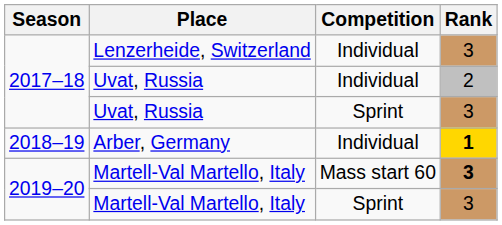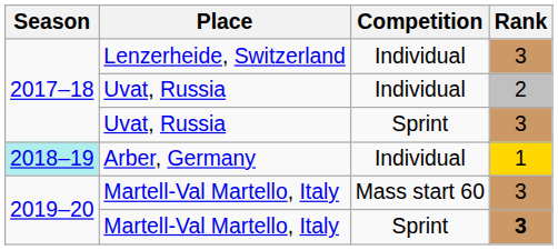 <table class="wikitable sortable" style="text-align: center;">
 <tr>
 <th>Season</th>
 <th>Place</th>
 <th>Competition</th>
 <th>Rank</th>
 </tr>
 <tr>
 <td rowspan="3"><a href='#'>2017–18</a></td>
 <td style="text-align: left;"> <a href='#'>Lenzerheide</a>, <a href='#'>Switzerland</a></td>
 <td>Individual</td>
 <td bgcolor="cc9966">3</td>
 </tr>
 <tr>
 <td style="text-align: left;"> <a href='#'>Uvat</a>, <a href='#'>Russia</a></td>
 <td>Individual</td>
 <td bgcolor=silver>2</td>
 </tr>
 <tr>
 <td style="text-align: left;"> <a href='#'>Uvat</a>, <a href='#'>Russia</a></td>
 <td>Sprint</td>
 <td bgcolor="cc9966">3</td>
 </tr>
 <tr>
-<td><a href='#'>2018–19</a></td>
+<td style="background: paleturquoise;"><a href='#'>2018–19</a></td>
 <td style="text-align: left;"> <a href='#'>Arber</a>, <a href='#'>Germany</a></td>
 <td>Individual</td>
-<td bgcolor=gold><strong>1</strong></td>
+<td bgcolor=gold>1</td>
 </tr>
 <tr>
 <td rowspan="2"><a href='#'>2019–20</a></td>
 <td style="text-align: left;"> <a href='#'>Martell-Val Martello</a>, <a href='#'>Italy</a></td>
 <td>Mass start 60</td>
-<td bgcolor="cc9966"><strong>3</strong></td>
+<td bgcolor="cc9966">3</td>
 </tr>
 <tr>
 <td style="text-align: left;"> <a href='#'>Martell-Val Martello</a>, <a href='#'>Italy</a></td>
 <td>Sprint</td>
-<td bgcolor="cc9966">3</td>
+<td bgcolor="cc9966"><strong>3</strong></td>
 </tr>
 </table>
